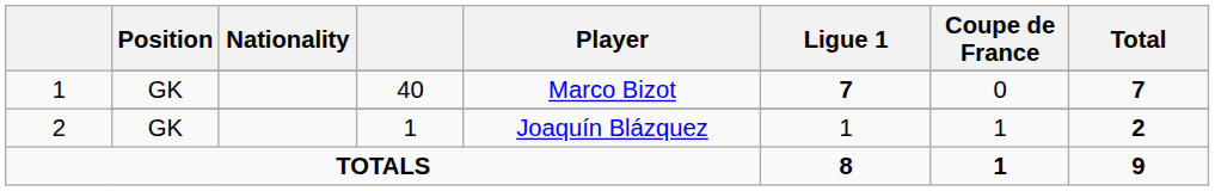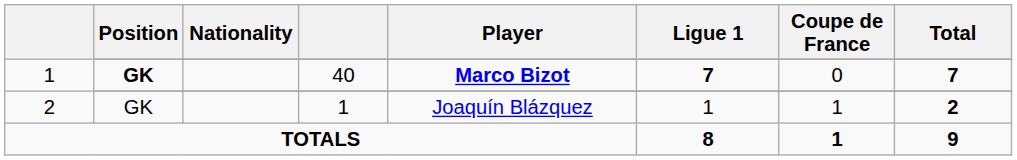 <table class="wikitable" style="font-size: 95%; text-align: center;">
 <tr>
 <th width=60></th>
 <th width=60>Position</th>
 <th width=80>Nationality</th>
 <th width=60></th>
 <th width=180>Player</th>
 <th width=100>Ligue 1</th>
 <th width=80>Coupe de France</th>
 <th width=80>Total</th>
 </tr>
 <tr>
 <td rowspan="2">1</td>
 </tr>
 <tr>
-<td>GK</td>
+<td><strong>GK</strong></td>
 <td></td>
 <td>40</td>
-<td><a href='#'>Marco Bizot</a></td>
+<td><strong><a href='#'>Marco Bizot</a></strong></td>
 <td><strong>7</strong></td>
 <td>0</td>
 <td><strong>7</strong></td>
 </tr>
 <tr>
 <td rowspan="2">2</td>
 </tr>
 <tr>
 <td>GK</td>
 <td></td>
 <td>1</td>
 <td><a href='#'>Joaquín Blázquez</a></td>
 <td>1</td>
 <td>1</td>
 <td><strong>2</strong></td>
 </tr>
 <tr>
 <td colspan=5><strong>TOTALS</strong></td>
 <td><strong>8</strong></td>
 <td><strong>1</strong></td>
 <td><strong>9</strong></td>
 </tr>
 </table>
